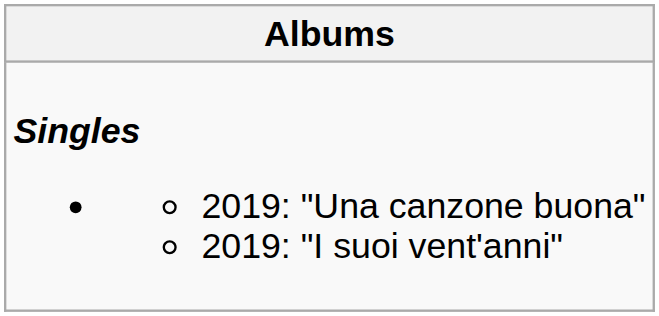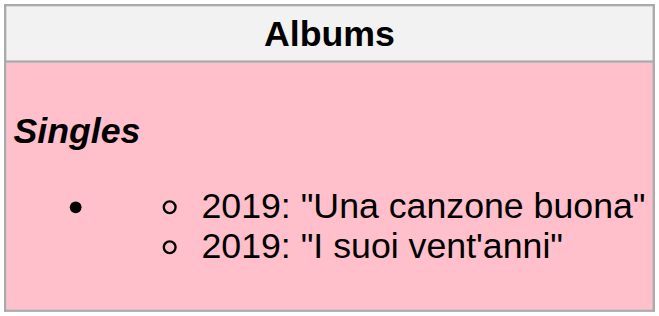 <table class="wikitable" style="font-size: 95%;">
 <tr>
 <th>Albums</th>
 </tr>
 <tr>
-<td align="left"><br><strong><em>Singles</em></strong><ul><li><ul><li>2019: "Una canzone buona"</li><li>2019: "I suoi vent'anni"</li></ul></li></ul></td>
+<td align="left" style="background: pink;"><br><strong><em>Singles</em></strong><ul><li><ul><li>2019: "Una canzone buona"</li><li>2019: "I suoi vent'anni"</li></ul></li></ul></td>
 </tr>
 </table>
